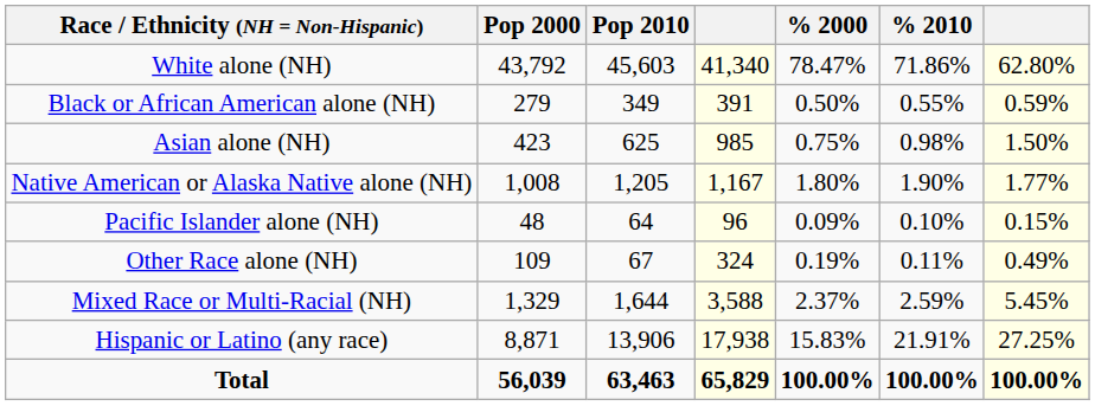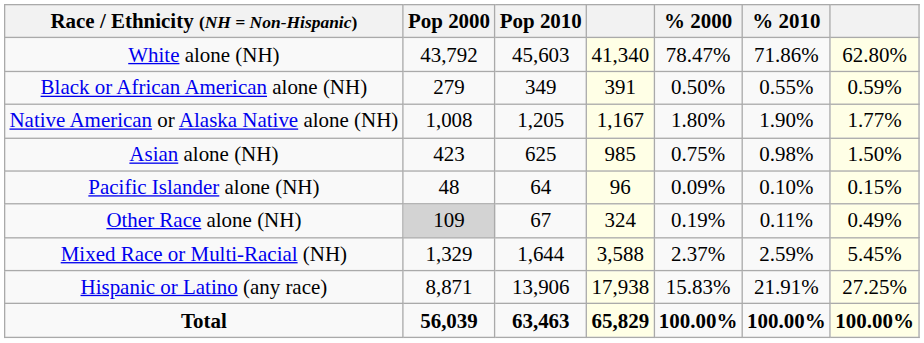 <table class="wikitable" style="text-align:center;">
 <tr>
 <th>Race / Ethnicity <small>(<em>NH = Non-Hispanic</em>)</small></th>
 <th>Pop 2000</th>
 <th>Pop 2010</th>
 <th></th>
 <th>% 2000</th>
 <th>% 2010</th>
 <th></th>
 </tr>
 <tr>
 <td><a href='#'>White</a> alone (NH)</td>
 <td>43,792</td>
 <td>45,603</td>
 <td style='background: #ffffe6;'>41,340</td>
 <td>78.47%</td>
 <td>71.86%</td>
 <td style='background: #ffffe6;'>62.80%</td>
 </tr>
 <tr>
 <td><a href='#'>Black or African American</a> alone (NH)</td>
 <td>279</td>
 <td>349</td>
 <td style='background: #ffffe6;'>391</td>
 <td>0.50%</td>
 <td>0.55%</td>
 <td style='background: #ffffe6;'>0.59%</td>
 </tr>
 <tr>
+<td><a href='#'>Native American</a> or <a href='#'>Alaska Native</a> alone (NH)</td>
+<td>1,008</td>
+<td>1,205</td>
+<td style='background: #ffffe6;'>1,167</td>
+<td>1.80%</td>
+<td>1.90%</td>
+<td style='background: #ffffe6;'>1.77%</td>
+</tr>
+<tr>
 <td><a href='#'>Asian</a> alone (NH)</td>
 <td>423</td>
 <td>625</td>
 <td style='background: #ffffe6;'>985</td>
 <td>0.75%</td>
 <td>0.98%</td>
 <td style='background: #ffffe6;'>1.50%</td>
-</tr>
-<tr>
-<td><a href='#'>Native American</a> or <a href='#'>Alaska Native</a> alone (NH)</td>
-<td>1,008</td>
-<td>1,205</td>
-<td style='background: #ffffe6;'>1,167</td>
-<td>1.80%</td>
-<td>1.90%</td>
-<td style='background: #ffffe6;'>1.77%</td>
 </tr>
 <tr>
 <td><a href='#'>Pacific Islander</a> alone (NH)</td>
 <td>48</td>
 <td>64</td>
 <td style='background: #ffffe6;'>96</td>
 <td>0.09%</td>
 <td>0.10%</td>
 <td style='background: #ffffe6;'>0.15%</td>
 </tr>
 <tr>
 <td><a href='#'>Other Race</a> alone (NH)</td>
-<td>109</td>
+<td style="background: lightgrey;">109</td>
 <td>67</td>
 <td style='background: #ffffe6;'>324</td>
 <td>0.19%</td>
 <td>0.11%</td>
 <td style='background: #ffffe6;'>0.49%</td>
 </tr>
 <tr>
 <td><a href='#'>Mixed Race or Multi-Racial</a> (NH)</td>
 <td>1,329</td>
 <td>1,644</td>
 <td style='background: #ffffe6;'>3,588</td>
 <td>2.37%</td>
 <td>2.59%</td>
 <td style='background: #ffffe6;'>5.45%</td>
 </tr>
 <tr>
 <td><a href='#'>Hispanic or Latino</a> (any race)</td>
 <td>8,871</td>
 <td>13,906</td>
 <td style='background: #ffffe6;'>17,938</td>
 <td>15.83%</td>
 <td>21.91%</td>
 <td style='background: #ffffe6;'>27.25%</td>
 </tr>
 <tr>
 <td><strong>Total</strong></td>
 <td><strong>56,039</strong></td>
 <td><strong>63,463</strong></td>
 <td style='background: #ffffe6;'><strong>65,829</strong></td>
 <td><strong>100.00%</strong></td>
 <td><strong>100.00%</strong></td>
 <td style='background: #ffffe6;'><strong>100.00%</strong></td>
 </tr>
 </table>
